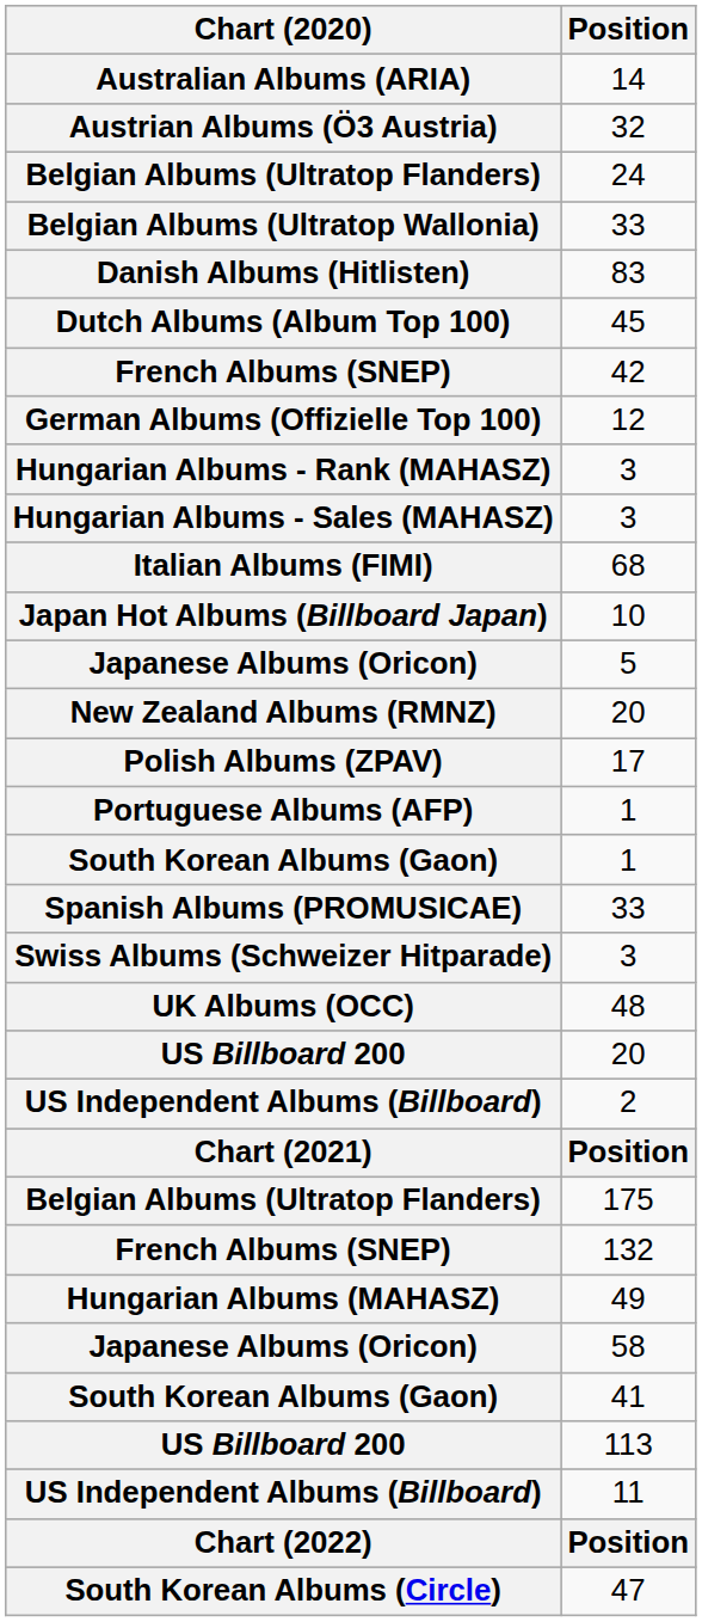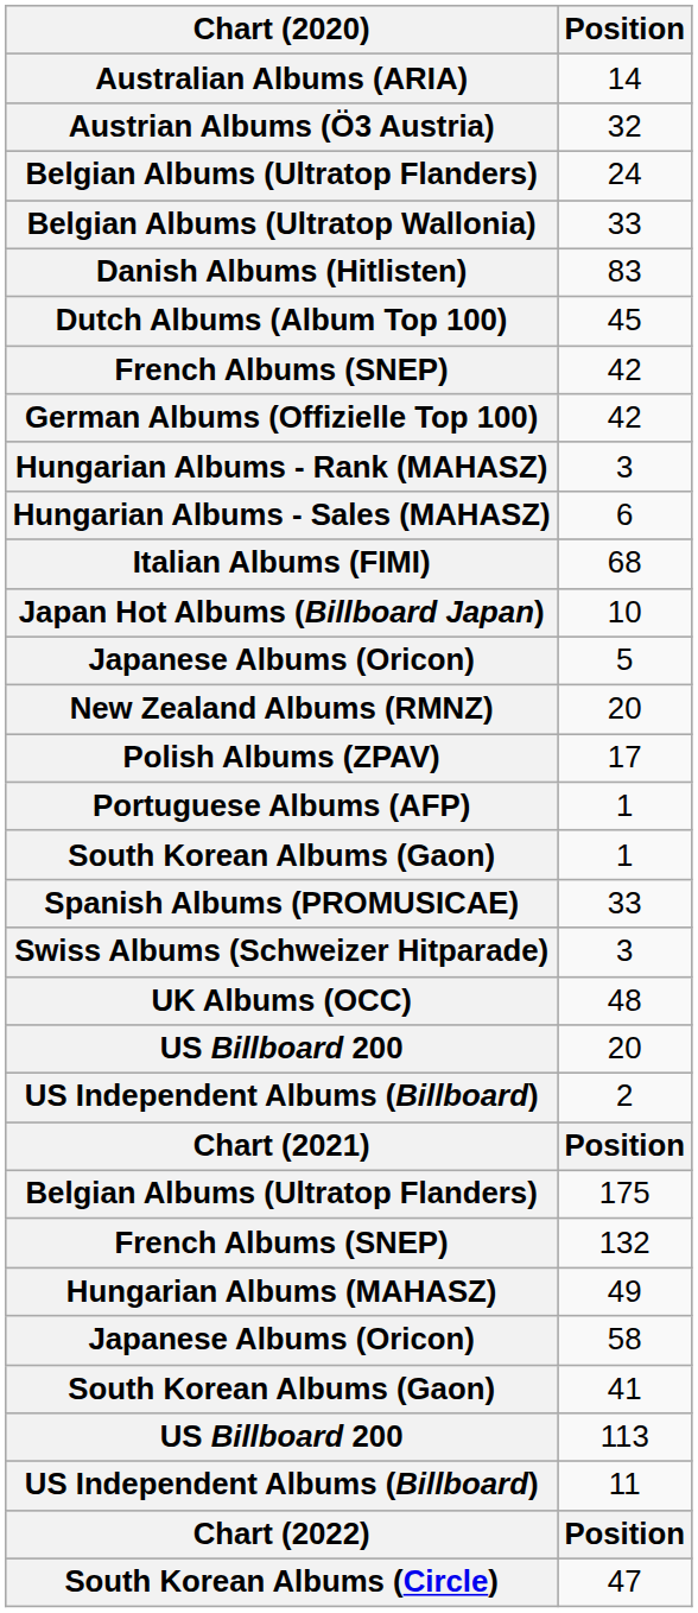 <table class="wikitable sortable plainrowheaders" style="text-align:center">
 <tr>
 <th scope="col">Chart (2020)</th>
 <th scope="col">Position</th>
 </tr>
 <tr>
 <th scope="row">Australian Albums (ARIA)</th>
 <td>14</td>
 </tr>
 <tr>
 <th scope="row">Austrian Albums (Ö3 Austria)</th>
 <td>32</td>
 </tr>
 <tr>
 <th scope="row">Belgian Albums (Ultratop Flanders)</th>
 <td>24</td>
 </tr>
 <tr>
 <th scope="row">Belgian Albums (Ultratop Wallonia)</th>
 <td>33</td>
 </tr>
 <tr>
 <th scope="row">Danish Albums (Hitlisten)</th>
 <td>83</td>
 </tr>
 <tr>
 <th scope="row">Dutch Albums (Album Top 100)</th>
 <td>45</td>
 </tr>
 <tr>
 <th scope="row">French Albums (SNEP)</th>
 <td>42</td>
 </tr>
 <tr>
 <th scope="row">German Albums (Offizielle Top 100)</th>
-<td>12</td>
+<td>42</td>
 </tr>
 <tr>
 <th scope="row">Hungarian Albums - Rank (MAHASZ)</th>
 <td>3</td>
 </tr>
 <tr>
 <th scope="row">Hungarian Albums - Sales (MAHASZ)</th>
-<td>3</td>
+<td>6</td>
 </tr>
 <tr>
 <th scope="row">Italian Albums (FIMI)</th>
 <td>68</td>
 </tr>
 <tr>
 <th scope="row">Japan Hot Albums (<em>Billboard Japan</em>)</th>
 <td>10</td>
 </tr>
 <tr>
 <th scope="row">Japanese Albums (Oricon)</th>
 <td>5</td>
 </tr>
 <tr>
 <th scope="row">New Zealand Albums (RMNZ)</th>
 <td>20</td>
 </tr>
 <tr>
 <th scope="row">Polish Albums (ZPAV)</th>
 <td>17</td>
 </tr>
 <tr>
 <th scope="row">Portuguese Albums (AFP)</th>
 <td>1</td>
 </tr>
 <tr>
 <th scope="row">South Korean Albums (Gaon)</th>
 <td>1</td>
 </tr>
 <tr>
 <th scope="row">Spanish Albums (PROMUSICAE)</th>
 <td>33</td>
 </tr>
 <tr>
 <th scope="row">Swiss Albums (Schweizer Hitparade)</th>
 <td>3</td>
 </tr>
 <tr>
 <th scope="row">UK Albums (OCC)</th>
 <td>48</td>
 </tr>
 <tr>
 <th scope="row">US <em>Billboard</em> 200</th>
 <td>20</td>
 </tr>
 <tr>
 <th scope="row">US Independent Albums (<em>Billboard</em>)</th>
 <td>2</td>
 </tr>
 <tr>
 <th scope="col">Chart (2021)</th>
 <th scope="col">Position</th>
 </tr>
 <tr>
 <th scope="row">Belgian Albums (Ultratop Flanders)</th>
 <td>175</td>
 </tr>
 <tr>
 <th scope="row">French Albums (SNEP)</th>
 <td>132</td>
 </tr>
 <tr>
 <th scope="row">Hungarian Albums (MAHASZ)</th>
 <td>49</td>
 </tr>
 <tr>
 <th scope="row">Japanese Albums (Oricon)</th>
 <td>58</td>
 </tr>
 <tr>
 <th scope="row">South Korean Albums (Gaon)</th>
 <td>41</td>
 </tr>
 <tr>
 <th scope="row">US <em>Billboard</em> 200</th>
 <td>113</td>
 </tr>
 <tr>
 <th scope="row">US Independent Albums (<em>Billboard</em>)</th>
 <td>11</td>
 </tr>
 <tr>
 <th scope="col">Chart (2022)</th>
 <th scope="col">Position</th>
 </tr>
 <tr>
 <th scope="row">South Korean Albums (<a href='#'>Circle</a>)</th>
 <td>47</td>
 </tr>
 </table>
